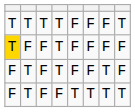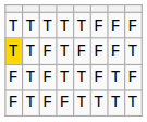 <table class="wikitable" style="margin:1em auto; text-align:center;">
 <tr>
 <th></th>
 <th></th>
 <th></th>
 <th></th>
 <th></th>
 <th></th>
 <th></th>
 <th></th>
 </tr>
 <tr>
 <td>T</td>
 <td>T</td>
 <td>T</td>
 <td>T</td>
+<td>T</td>
+<td>F</td>
+<td>F</td>
+<td>F</td>
+</tr>
+<tr>
+<td style="background: gold;">T</td>
+<td>T</td>
+<td>F</td>
+<td>T</td>
 <td>F</td>
 <td>F</td>
 <td>F</td>
 <td>T</td>
 </tr>
 <tr>
-<td style="background: gold;">T</td>
-<td>F</td>
-<td>F</td>
-<td>T</td>
-<td>F</td>
-<td>F</td>
-<td>F</td>
-<td>F</td>
-</tr>
-<tr>
 <td>F</td>
 <td>T</td>
 <td>F</td>
 <td>T</td>
-<td>F</td>
+<td>T</td>
 <td>F</td>
 <td>T</td>
 <td>F</td>
 </tr>
 <tr>
 <td>F</td>
 <td>T</td>
 <td>F</td>
 <td>F</td>
 <td>T</td>
 <td>T</td>
 <td>T</td>
 <td>T</td>
 </tr>
 </table>
